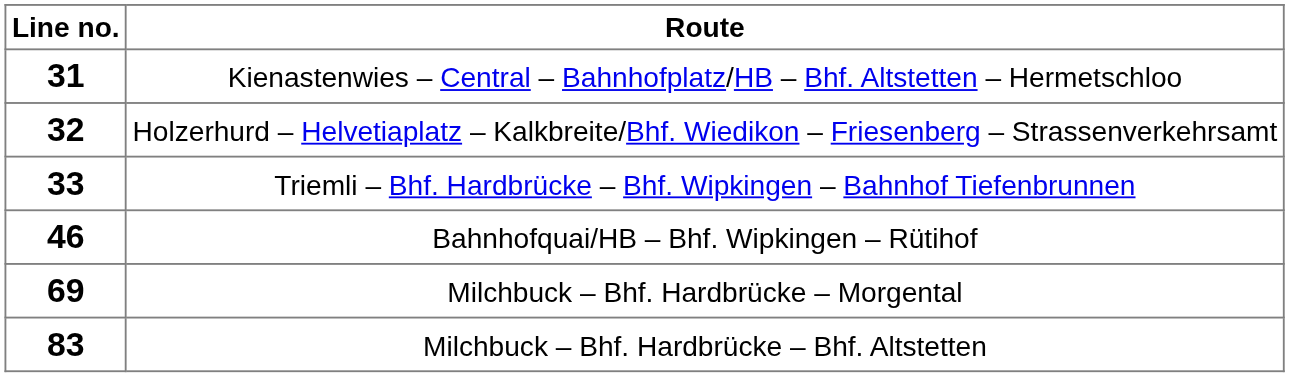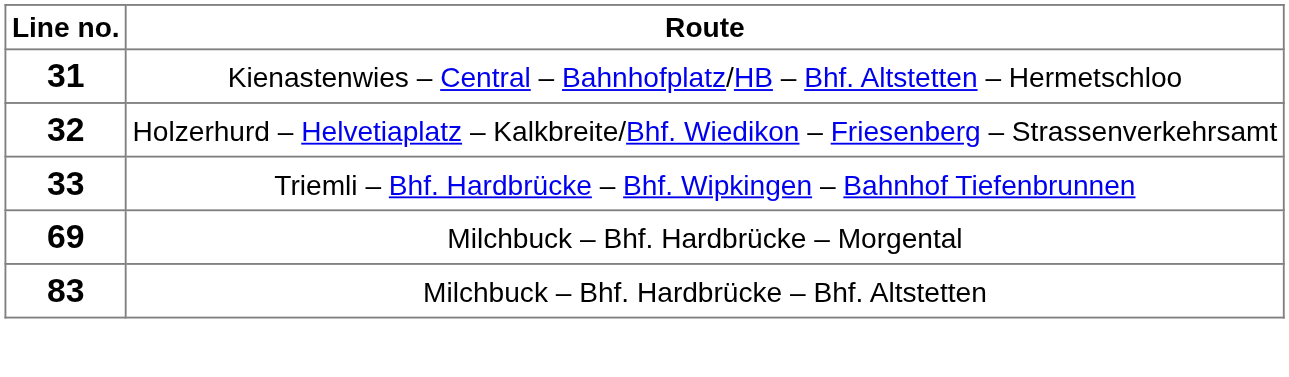 <table border="1" cellspacing="0" cellpadding="3" style="float:left;border-collapse:collapse; font-size:95%; margin-left:10px; margin-bottom:5px">
 <tr>
 <th>Line no.</th>
 <th>Route</th>
 </tr>
 <tr align="center">
 <td><span><big><strong>31</strong></big></span></td>
 <td>Kienastenwies – <a href='#'>Central</a> – <a href='#'>Bahnhofplatz</a>/<a href='#'>HB</a> – <a href='#'>Bhf. Altstetten</a> – Hermetschloo</td>
 </tr>
 <tr align="center">
 <td><span><big><strong>32</strong></big></span></td>
 <td>Holzerhurd – <a href='#'>Helvetiaplatz</a> – Kalkbreite/<a href='#'>Bhf. Wiedikon</a> – <a href='#'>Friesenberg</a> – Strassenverkehrsamt</td>
 </tr>
 <tr align="center">
 <td><span><big><strong>33</strong></big></span></td>
 <td>Triemli – <a href='#'>Bhf. Hardbrücke</a> – <a href='#'>Bhf. Wipkingen</a> – <a href='#'>Bahnhof Tiefenbrunnen</a></td>
 </tr>
 <tr align="center">
-<td><span><big><strong>46</strong></big></span></td>
-<td>Bahnhofquai/HB – Bhf. Wipkingen – Rütihof</td>
-</tr>
-<tr align="center">
 <td><span><big><strong>69</strong></big></span></td>
 <td>Milchbuck – Bhf. Hardbrücke – Morgental</td>
 </tr>
 <tr align="center">
 <td><span><big><strong>83</strong></big></span></td>
 <td>Milchbuck – Bhf. Hardbrücke – Bhf. Altstetten</td>
 </tr>
 </table>
